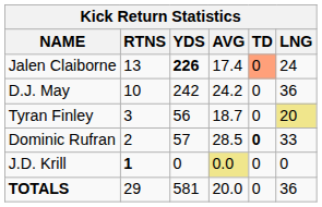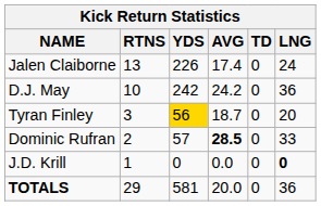 <table class="wikitable sortable collapsible collapsed">
 <tr>
 <th colspan="8">Kick Return Statistics</th>
 </tr>
 <tr>
 <th>NAME</th>
 <th>RTNS</th>
 <th>YDS</th>
 <th>AVG</th>
 <th>TD</th>
 <th>LNG</th>
 </tr>
 <tr>
 <td>Jalen Claiborne</td>
 <td>13</td>
-<td><strong>226</strong></td>
+<td>226</td>
 <td>17.4</td>
-<td style="background: lightsalmon;">0</td>
+<td>0</td>
 <td>24</td>
 </tr>
 <tr>
 <td>D.J. May</td>
 <td>10</td>
 <td>242</td>
 <td>24.2</td>
 <td>0</td>
 <td>36</td>
 </tr>
 <tr>
 <td>Tyran Finley</td>
 <td>3</td>
-<td>56</td>
+<td style="background: gold;">56</td>
 <td>18.7</td>
 <td>0</td>
-<td style="background: khaki;">20</td>
+<td>20</td>
 </tr>
 <tr>
 <td>Dominic Rufran</td>
 <td>2</td>
 <td>57</td>
-<td>28.5</td>
-<td><strong>0</strong></td>
+<td><strong>28.5</strong></td>
+<td>0</td>
 <td>33</td>
 </tr>
 <tr>
 <td>J.D. Krill</td>
-<td><strong>1</strong></td>
+<td>1</td>
 <td>0</td>
-<td style="background: khaki;">0.0</td>
+<td>0.0</td>
 <td>0</td>
-<td>0</td>
+<td><strong>0</strong></td>
 </tr>
 <tr>
 <td><strong>TOTALS</strong></td>
 <td>29</td>
 <td>581</td>
 <td>20.0</td>
 <td>0</td>
 <td>36</td>
 </tr>
 </table>
